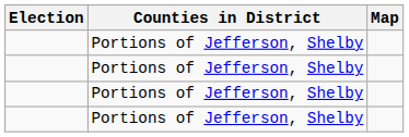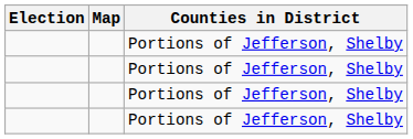 <table class="wikitable">
 <tr>
 <th>Election</th>
+<th>Map</th>
 <th>Counties in District</th>
-<th>Map</th>
 </tr>
 <tr>
 <td></td>
+<td></td>
 <td>Portions of <a href='#'>Jefferson</a>, <a href='#'>Shelby</a></td>
-<td></td>
 </tr>
 <tr>
 <td></td>
+<td></td>
 <td>Portions of <a href='#'>Jefferson</a>, <a href='#'>Shelby</a></td>
-<td></td>
 </tr>
 <tr>
 <td></td>
+<td></td>
 <td>Portions of <a href='#'>Jefferson</a>, <a href='#'>Shelby</a></td>
-<td></td>
 </tr>
 <tr>
 <td></td>
+<td></td>
 <td>Portions of <a href='#'>Jefferson</a>, <a href='#'>Shelby</a></td>
-<td></td>
 </tr>
 </table>
